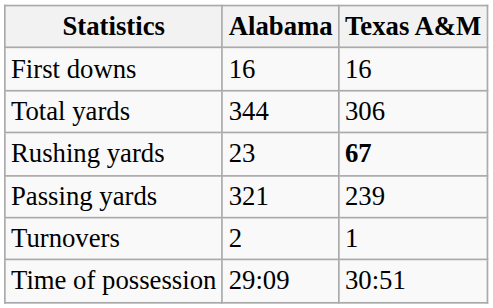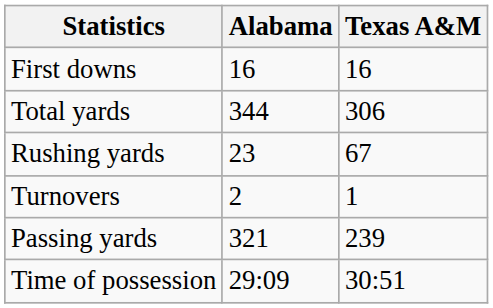 <table class="wikitable" style="float: left;">
 <tr>
 <th>Statistics</th>
 <th>Alabama</th>
 <th>Texas A&M</th>
 </tr>
 <tr>
 <td>First downs</td>
 <td>16</td>
 <td>16</td>
 </tr>
 <tr>
 <td>Total yards</td>
 <td>344</td>
 <td>306</td>
 </tr>
 <tr>
 <td>Rushing yards</td>
 <td>23</td>
-<td><strong>67</strong></td>
+<td>67</td>
+</tr>
+<tr>
+<td>Turnovers</td>
+<td>2</td>
+<td>1</td>
 </tr>
 <tr>
 <td>Passing yards</td>
 <td>321</td>
 <td>239</td>
 </tr>
 <tr>
-<td>Turnovers</td>
-<td>2</td>
-<td>1</td>
-</tr>
-<tr>
 <td>Time of possession</td>
 <td>29:09</td>
 <td>30:51</td>
 </tr>
 </table>
